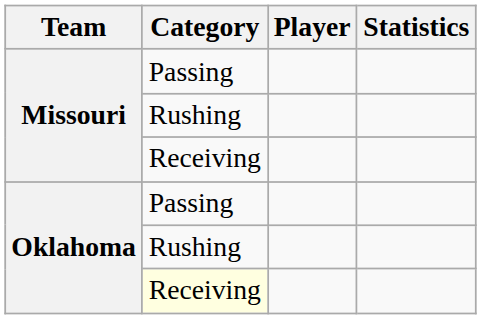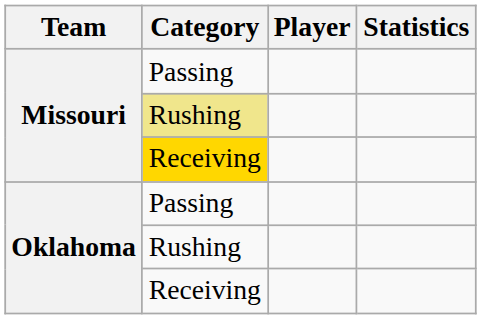 <table class="wikitable" style="float:right">
 <tr>
 <th>Team</th>
 <th>Category</th>
 <th>Player</th>
 <th>Statistics</th>
 </tr>
 <tr>
 <th rowspan=3>Missouri</th>
 <td>Passing</td>
 <td></td>
 <td></td>
 </tr>
 <tr>
-<td>Rushing</td>
+<td style="background: khaki;">Rushing</td>
 <td></td>
 <td></td>
 </tr>
 <tr>
-<td>Receiving</td>
+<td style="background: gold;">Receiving</td>
 <td></td>
 <td></td>
 </tr>
 <tr>
 <th rowspan=3>Oklahoma</th>
 <td>Passing</td>
 <td></td>
 <td></td>
 </tr>
 <tr>
 <td>Rushing</td>
 <td></td>
 <td></td>
 </tr>
 <tr>
-<td style="background: lightyellow;">Receiving</td>
+<td>Receiving</td>
 <td></td>
 <td></td>
 </tr>
 </table>
